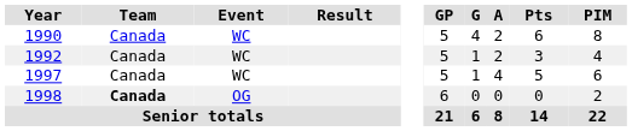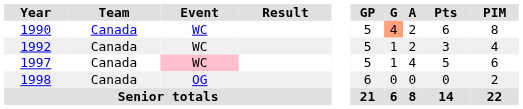 <table border="0" cellpadding="1" cellspacing="0" style="text-align:center; width:40em">
 <tr ALIGN="centre" bgcolor="#e0e0e0">
 <th>Year</th>
 <th>Team</th>
 <th>Event</th>
 <th>Result</th>
 <th rowspan="97" bgcolor="#ffffff"> </th>
 <th>GP</th>
 <th>G</th>
 <th>A</th>
 <th>Pts</th>
 <th>PIM</th>
 </tr>
 <tr align="center">
 <td><a href='#'>1990</a></td>
 <td><a href='#'>Canada</a></td>
 <td><a href='#'>WC</a></td>
 <td></td>
 <td>5</td>
-<td>4</td>
+<td style="background: lightsalmon;">4</td>
 <td>2</td>
 <td>6</td>
 <td>8</td>
 </tr>
 <tr bgcolor="#f0f0f0">
 <td><a href='#'>1992</a></td>
 <td>Canada</td>
 <td>WC</td>
 <td></td>
 <td>5</td>
 <td>1</td>
 <td>2</td>
 <td>3</td>
 <td>4</td>
 </tr>
 <tr align="center">
 <td><a href='#'>1997</a></td>
 <td>Canada</td>
-<td>WC</td>
+<td style="background: pink;">WC</td>
 <td></td>
 <td>5</td>
 <td>1</td>
 <td>4</td>
 <td>5</td>
 <td>6</td>
 </tr>
 <tr bgcolor="#f0f0f0">
 <td><a href='#'>1998</a></td>
-<td><strong>Canada</strong></td>
+<td>Canada</td>
 <td><a href='#'>OG</a></td>
 <td></td>
 <td>6</td>
 <td>0</td>
 <td>0</td>
 <td>0</td>
 <td>2</td>
 </tr>
 <tr ALIGN="center" bgcolor="#e0e0e0">
 <th colspan=4>Senior totals</th>
 <th>21</th>
 <th>6</th>
 <th>8</th>
 <th>14</th>
 <th>22</th>
 </tr>
 </table>
